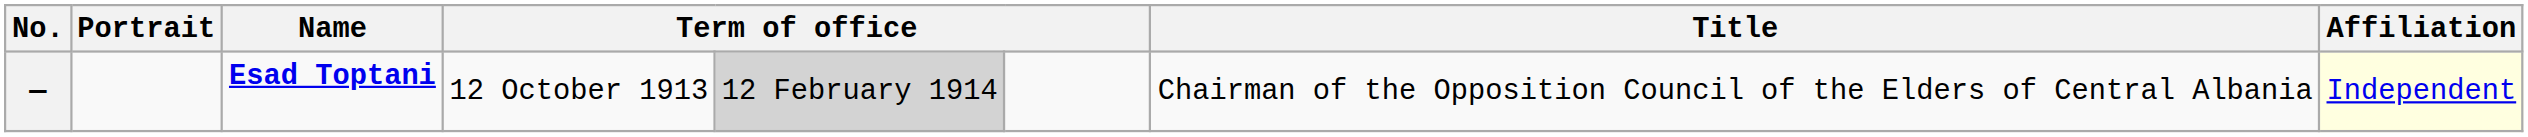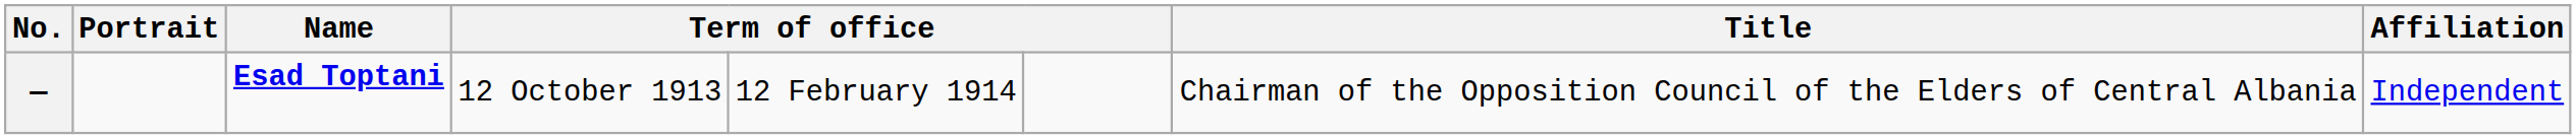 <table class="wikitable" style="text-align:center;">
 <tr>
 <th>No.</th>
 <th>Portrait</th>
 <th>Name</th>
 <th colspan="3">Term of office</th>
 <th>Title</th>
 <th>Affiliation</th>
 </tr>
 <tr>
 <th style="background:">—</th>
 <td></td>
 <td><strong><a href='#'>Esad Toptani</a></strong><br><br></td>
 <td>12 October 1913</td>
-<td style="background: lightgrey;">12 February 1914</td>
+<td>12 February 1914</td>
 <td width="60px"><em></em></td>
 <td>Chairman of the Opposition Council of the Elders of Central Albania</td>
-<td style="background: lightyellow;"><a href='#'>Independent</a></td>
+<td><a href='#'>Independent</a></td>
 </tr>
 </table>
